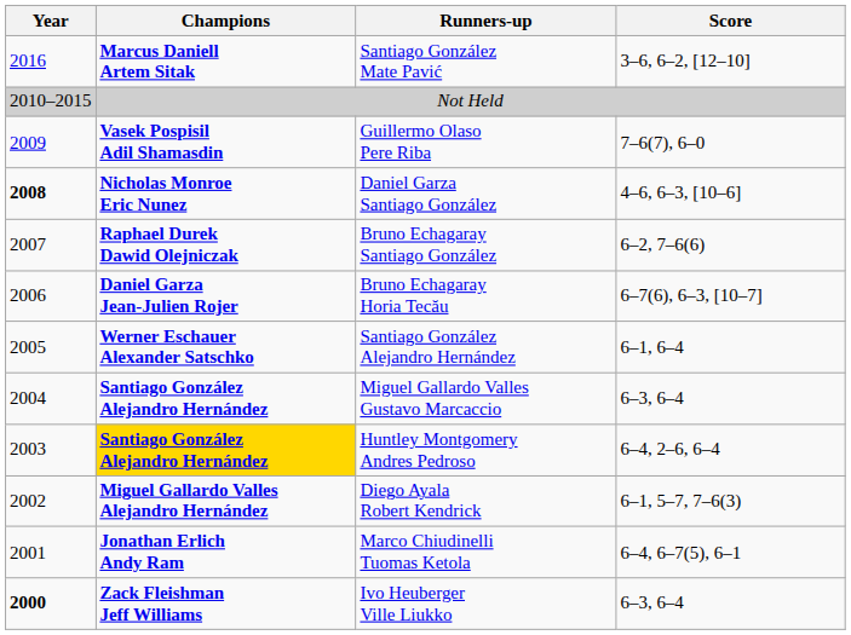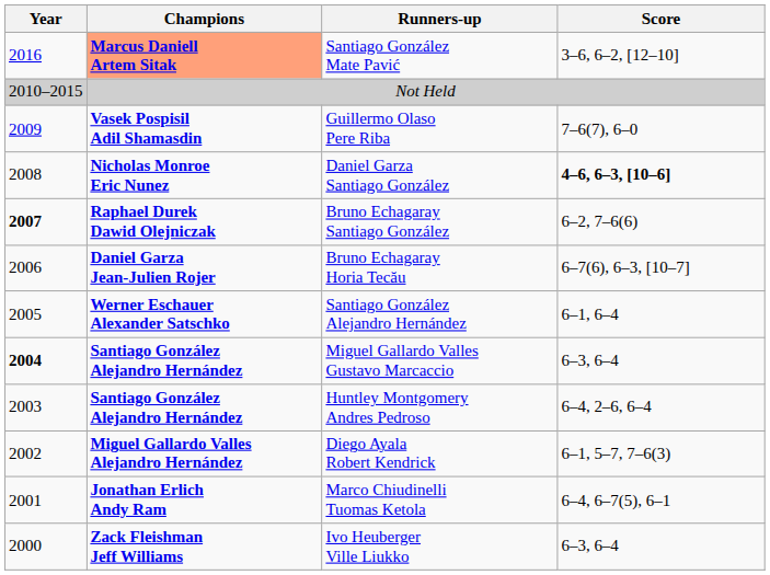 <table class="wikitable" style="font-size:90%">
 <tr>
 <th>Year</th>
 <th width="200">Champions</th>
 <th width="200">Runners-up</th>
 <th width="175">Score</th>
 </tr>
 <tr>
 <td><a href='#'>2016</a></td>
-<td> <strong><a href='#'>Marcus Daniell</a></strong><br> <strong><a href='#'>Artem Sitak</a></strong></td>
+<td style="background: lightsalmon;"> <strong><a href='#'>Marcus Daniell</a></strong><br> <strong><a href='#'>Artem Sitak</a></strong></td>
 <td> <a href='#'>Santiago González</a><br> <a href='#'>Mate Pavić</a></td>
 <td>3–6, 6–2, [12–10]</td>
 </tr>
 <tr>
 <td style="background:#cfcfcf">2010–2015</td>
 <td colspan=3 align=center style="background:#cfcfcf"><em>Not Held</em></td>
 </tr>
 <tr>
 <td><a href='#'>2009</a></td>
 <td> <strong><a href='#'>Vasek Pospisil</a></strong><br> <strong><a href='#'>Adil Shamasdin</a></strong></td>
 <td> <a href='#'>Guillermo Olaso</a><br> <a href='#'>Pere Riba</a></td>
 <td>7–6(7), 6–0</td>
 </tr>
 <tr>
-<td><strong>2008</strong></td>
+<td>2008</td>
 <td> <strong><a href='#'>Nicholas Monroe</a></strong><br> <strong><a href='#'>Eric Nunez</a></strong></td>
 <td> <a href='#'>Daniel Garza</a><br> <a href='#'>Santiago González</a></td>
-<td>4–6, 6–3, [10–6]</td>
+<td><strong>4–6, 6–3, [10–6]</strong></td>
 </tr>
 <tr>
-<td>2007</td>
+<td><strong>2007</strong></td>
 <td> <strong><a href='#'>Raphael Durek</a></strong><br> <strong><a href='#'>Dawid Olejniczak</a></strong></td>
 <td> <a href='#'>Bruno Echagaray</a><br> <a href='#'>Santiago González</a></td>
 <td>6–2, 7–6(6)</td>
 </tr>
 <tr>
 <td>2006</td>
 <td> <strong><a href='#'>Daniel Garza</a></strong><br> <strong><a href='#'>Jean-Julien Rojer</a></strong></td>
 <td> <a href='#'>Bruno Echagaray</a><br> <a href='#'>Horia Tecău</a></td>
 <td>6–7(6), 6–3, [10–7]</td>
 </tr>
 <tr>
 <td>2005</td>
 <td> <strong><a href='#'>Werner Eschauer</a></strong><br> <strong><a href='#'>Alexander Satschko</a></strong></td>
 <td> <a href='#'>Santiago González</a><br> <a href='#'>Alejandro Hernández</a></td>
 <td>6–1, 6–4</td>
 </tr>
 <tr>
-<td>2004</td>
+<td><strong>2004</strong></td>
 <td> <strong><a href='#'>Santiago González</a></strong><br> <strong><a href='#'>Alejandro Hernández</a></strong></td>
 <td> <a href='#'>Miguel Gallardo Valles</a><br> <a href='#'>Gustavo Marcaccio</a></td>
 <td>6–3, 6–4</td>
 </tr>
 <tr>
 <td>2003</td>
-<td style="background: gold;"> <strong><a href='#'>Santiago González</a></strong><br> <strong><a href='#'>Alejandro Hernández</a></strong></td>
+<td> <strong><a href='#'>Santiago González</a></strong><br> <strong><a href='#'>Alejandro Hernández</a></strong></td>
 <td> <a href='#'>Huntley Montgomery</a><br> <a href='#'>Andres Pedroso</a></td>
 <td>6–4, 2–6, 6–4</td>
 </tr>
 <tr>
 <td>2002</td>
 <td> <strong><a href='#'>Miguel Gallardo Valles</a></strong><br> <strong><a href='#'>Alejandro Hernández</a></strong></td>
 <td> <a href='#'>Diego Ayala</a><br> <a href='#'>Robert Kendrick</a></td>
 <td>6–1, 5–7, 7–6(3)</td>
 </tr>
 <tr>
 <td>2001</td>
 <td> <strong><a href='#'>Jonathan Erlich</a></strong><br> <strong><a href='#'>Andy Ram</a></strong></td>
 <td> <a href='#'>Marco Chiudinelli</a><br> <a href='#'>Tuomas Ketola</a></td>
 <td>6–4, 6–7(5), 6–1</td>
 </tr>
 <tr>
-<td><strong>2000</strong></td>
+<td>2000</td>
 <td> <strong><a href='#'>Zack Fleishman</a></strong><br> <strong><a href='#'>Jeff Williams</a></strong></td>
 <td> <a href='#'>Ivo Heuberger</a><br> <a href='#'>Ville Liukko</a></td>
 <td>6–3, 6–4</td>
 </tr>
 </table>
